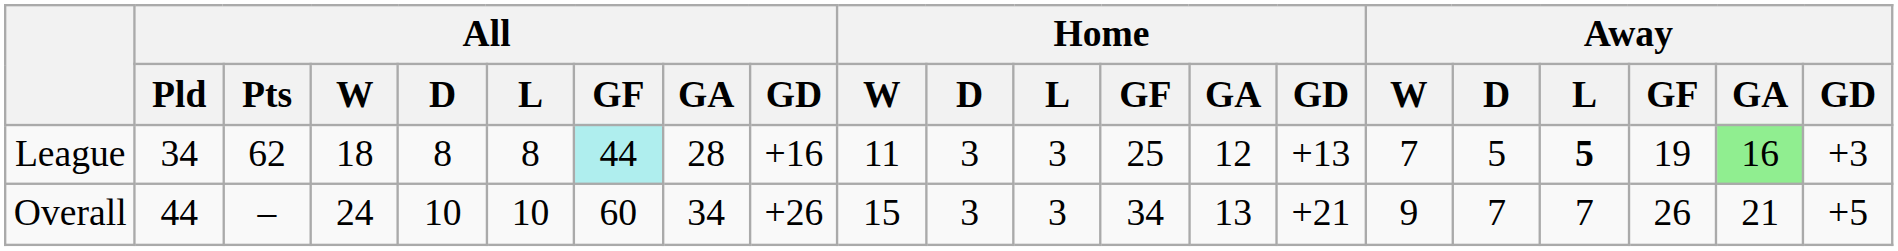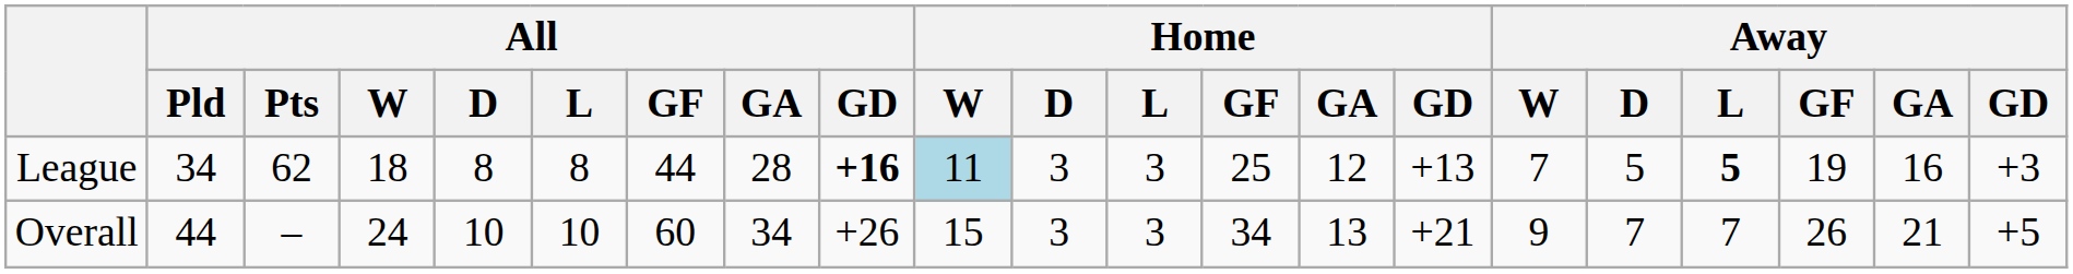 <table class="wikitable" style="text-align:center">
 <tr>
 <th rowspan=2></th>
 <th colspan=8>All</th>
 <th colspan=6>Home</th>
 <th colspan=6>Away</th>
 </tr>
 <tr>
 <th width=30>Pld</th>
 <th width=30>Pts</th>
 <th width=30>W</th>
 <th width=30>D</th>
 <th width=30>L</th>
 <th width=30>GF</th>
 <th width=30>GA</th>
 <th width=30>GD</th>
 <th width=30>W</th>
 <th width=30>D</th>
 <th width=30>L</th>
 <th width=30>GF</th>
 <th width=30>GA</th>
 <th width=30>GD</th>
 <th width=30>W</th>
 <th width=30>D</th>
 <th width=30>L</th>
 <th width=30>GF</th>
 <th width=30>GA</th>
 <th width=30>GD</th>
 </tr>
 <tr>
 <td>League</td>
 <td>34</td>
 <td>62</td>
 <td>18</td>
 <td>8</td>
 <td>8</td>
-<td style="background: paleturquoise;">44</td>
+<td>44</td>
 <td>28</td>
-<td>+16</td>
-<td>11</td>
+<td><strong>+16</strong></td>
+<td style="background: lightblue;">11</td>
 <td>3</td>
 <td>3</td>
 <td>25</td>
 <td>12</td>
 <td>+13</td>
 <td>7</td>
 <td>5</td>
 <td><strong>5</strong></td>
 <td>19</td>
-<td style="background: lightgreen;">16</td>
+<td>16</td>
 <td>+3</td>
 </tr>
 <tr>
 <td>Overall</td>
 <td>44</td>
 <td>–</td>
 <td>24</td>
 <td>10</td>
 <td>10</td>
 <td>60</td>
 <td>34</td>
 <td>+26</td>
 <td>15</td>
 <td>3</td>
 <td>3</td>
 <td>34</td>
 <td>13</td>
 <td>+21</td>
 <td>9</td>
 <td>7</td>
 <td>7</td>
 <td>26</td>
 <td>21</td>
 <td>+5</td>
 </tr>
 </table>
